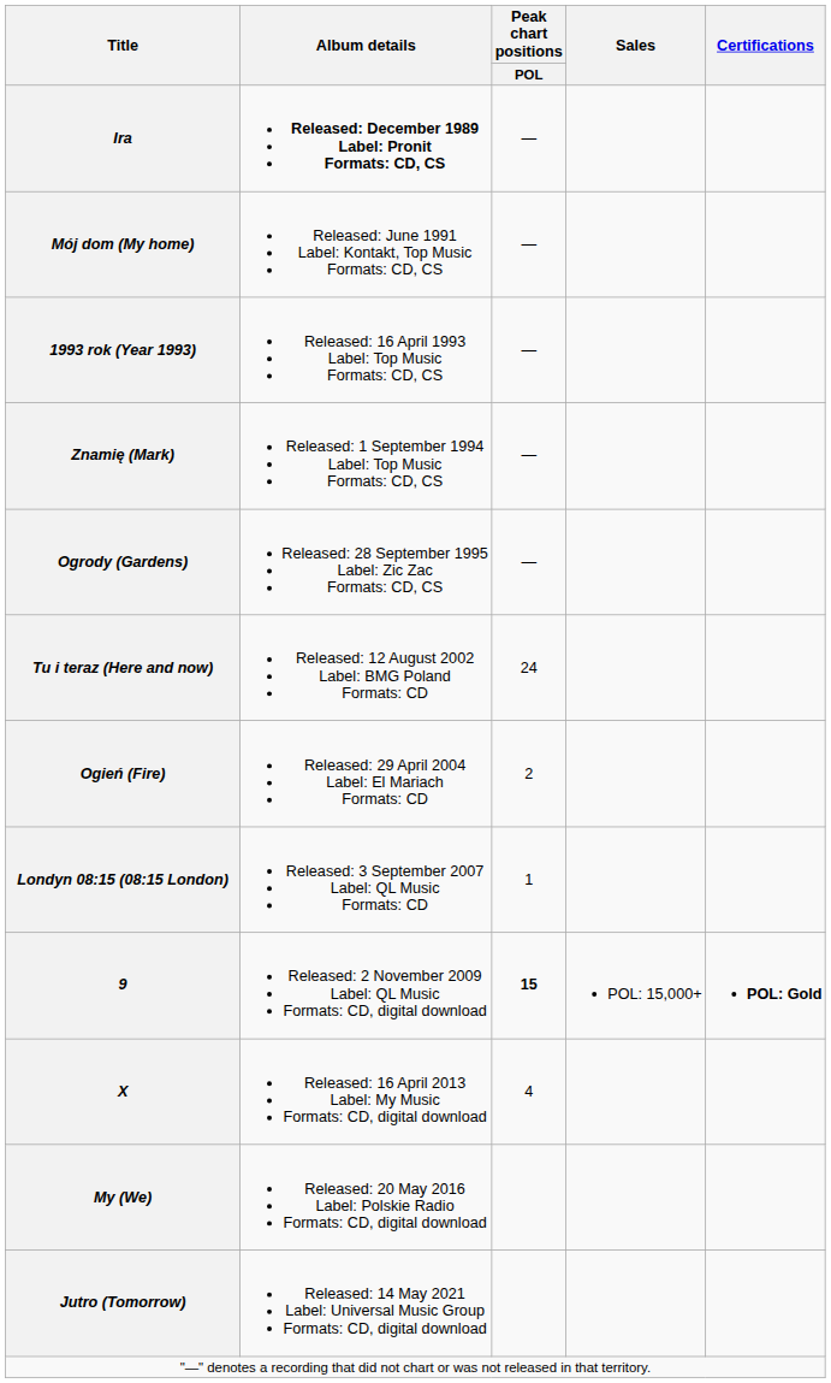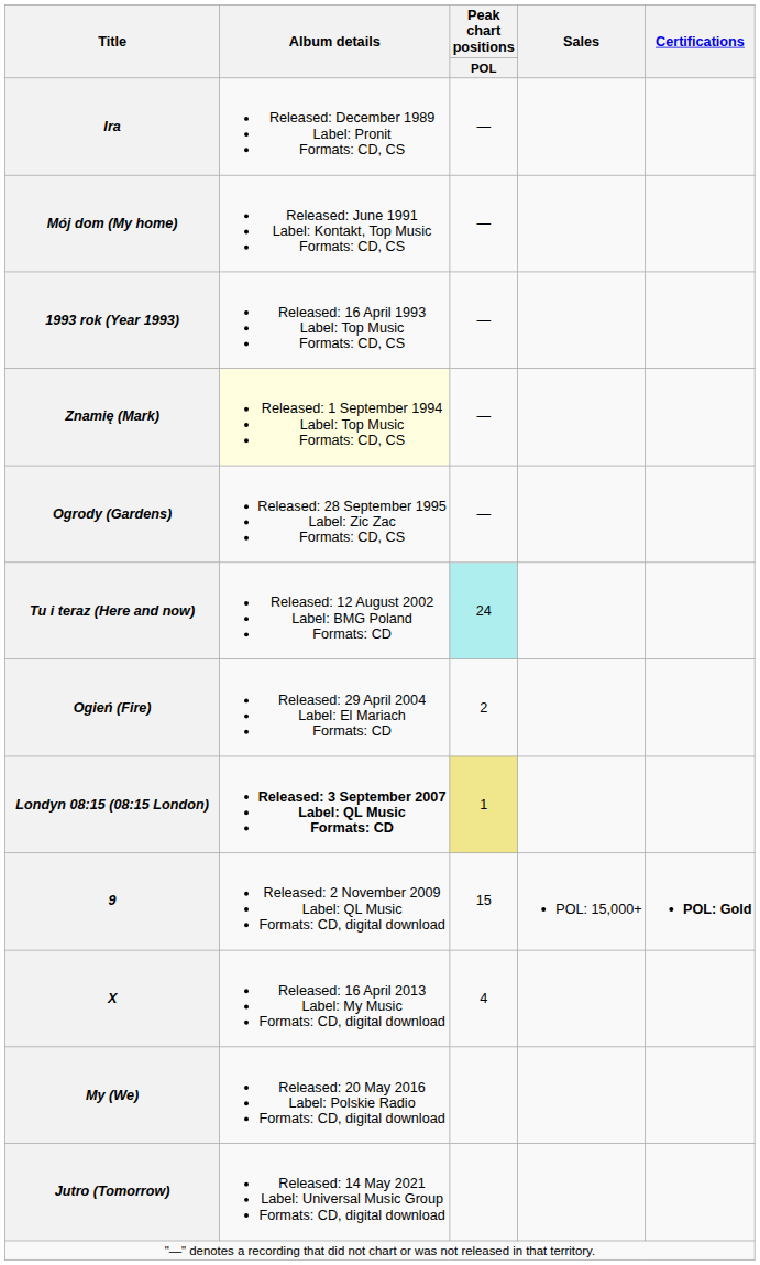 <table class="wikitable plainrowheaders" style="text-align:center;">
 <tr>
 <th scope="col" rowspan="2" style="width:15em;">Title</th>
 <th scope="col" rowspan="2">Album details</th>
 <th scope="col" colspan="1">Peak chart positions</th>
 <th scope="col" rowspan="2">Sales</th>
 <th scope="col" rowspan="2"><a href='#'>Certifications</a></th>
 </tr>
 <tr>
 <th scope="col" style="width:3em;font-size:90%;">POL<br></th>
 </tr>
 <tr>
 <th scope="row"><em>Ira</em></th>
-<td><strong><br><ul><li>Released: December 1989</li><li>Label: Pronit</li><li>Formats: CD, CS</li></ul></strong></td>
+<td><br><ul><li>Released: December 1989</li><li>Label: Pronit</li><li>Formats: CD, CS</li></ul></td>
 <td>—</td>
 <td></td>
 <td></td>
 </tr>
 <tr>
 <th scope="row"><em>Mój dom (My home)</em></th>
 <td><br><ul><li>Released: June 1991</li><li>Label: Kontakt, Top Music</li><li>Formats: CD, CS</li></ul></td>
 <td>—</td>
 <td></td>
 <td></td>
 </tr>
 <tr>
 <th scope="row"><em>1993 rok (Year 1993)</em></th>
 <td><br><ul><li>Released: 16 April 1993</li><li>Label: Top Music</li><li>Formats: CD, CS</li></ul></td>
 <td>—</td>
 <td></td>
 <td></td>
 </tr>
 <tr>
 <th scope="row"><em>Znamię (Mark)</em></th>
-<td><br><ul><li>Released: 1 September 1994</li><li>Label: Top Music</li><li>Formats: CD, CS</li></ul></td>
+<td style="background: lightyellow;"><br><ul><li>Released: 1 September 1994</li><li>Label: Top Music</li><li>Formats: CD, CS</li></ul></td>
 <td>—</td>
 <td></td>
 <td></td>
 </tr>
 <tr>
 <th scope="row"><em>Ogrody (Gardens)</em></th>
 <td><br><ul><li>Released: 28 September 1995</li><li>Label: Zic Zac</li><li>Formats: CD, CS</li></ul></td>
 <td>—</td>
 <td></td>
 <td></td>
 </tr>
 <tr>
 <th scope="row"><em>Tu i teraz (Here and now)</em></th>
 <td><br><ul><li>Released: 12 August 2002</li><li>Label: BMG Poland</li><li>Formats: CD</li></ul></td>
-<td>24</td>
+<td style="background: paleturquoise;">24</td>
 <td></td>
 <td></td>
 </tr>
 <tr>
 <th scope="row"><em>Ogień (Fire)</em></th>
 <td><br><ul><li>Released: 29 April 2004</li><li>Label: El Mariach</li><li>Formats: CD</li></ul></td>
 <td>2</td>
 <td></td>
 <td></td>
 </tr>
 <tr>
 <th scope="row"><em>Londyn 08:15 (08:15 London)</em></th>
-<td><br><ul><li>Released: 3 September 2007</li><li>Label: QL Music</li><li>Formats: CD</li></ul></td>
-<td>1</td>
+<td><strong><br><ul><li>Released: 3 September 2007</li><li>Label: QL Music</li><li>Formats: CD</li></ul></strong></td>
+<td style="background: khaki;">1</td>
 <td></td>
 <td></td>
 </tr>
 <tr>
 <th scope="row"><em>9</em></th>
 <td><br><ul><li>Released: 2 November 2009</li><li>Label: QL Music</li><li>Formats: CD, digital download</li></ul></td>
-<td><strong>15</strong></td>
+<td>15</td>
 <td><br><ul><li>POL: 15,000+</li></ul></td>
 <td><strong><br><ul><li>POL: Gold</li></ul></strong></td>
 </tr>
 <tr>
 <th scope="row"><em>X</em></th>
 <td><br><ul><li>Released: 16 April 2013</li><li>Label: My Music</li><li>Formats: CD, digital download</li></ul></td>
 <td>4</td>
 <td></td>
 <td></td>
 </tr>
 <tr>
 <th scope="row"><em>My (We)</em></th>
 <td><br><ul><li>Released: 20 May 2016</li><li>Label: Polskie Radio</li><li>Formats: CD, digital download</li></ul></td>
 <td></td>
 <td></td>
 <td></td>
 </tr>
 <tr>
 <th scope="row"><em>Jutro (Tomorrow)</em></th>
 <td><br><ul><li>Released: 14 May 2021</li><li>Label: Universal Music Group</li><li>Formats: CD, digital download</li></ul></td>
 <td></td>
 <td></td>
 <td></td>
 </tr>
 <tr>
 <td colspan="20" style="font-size:90%">"—" denotes a recording that did not chart or was not released in that territory.</td>
 </tr>
 </table>
